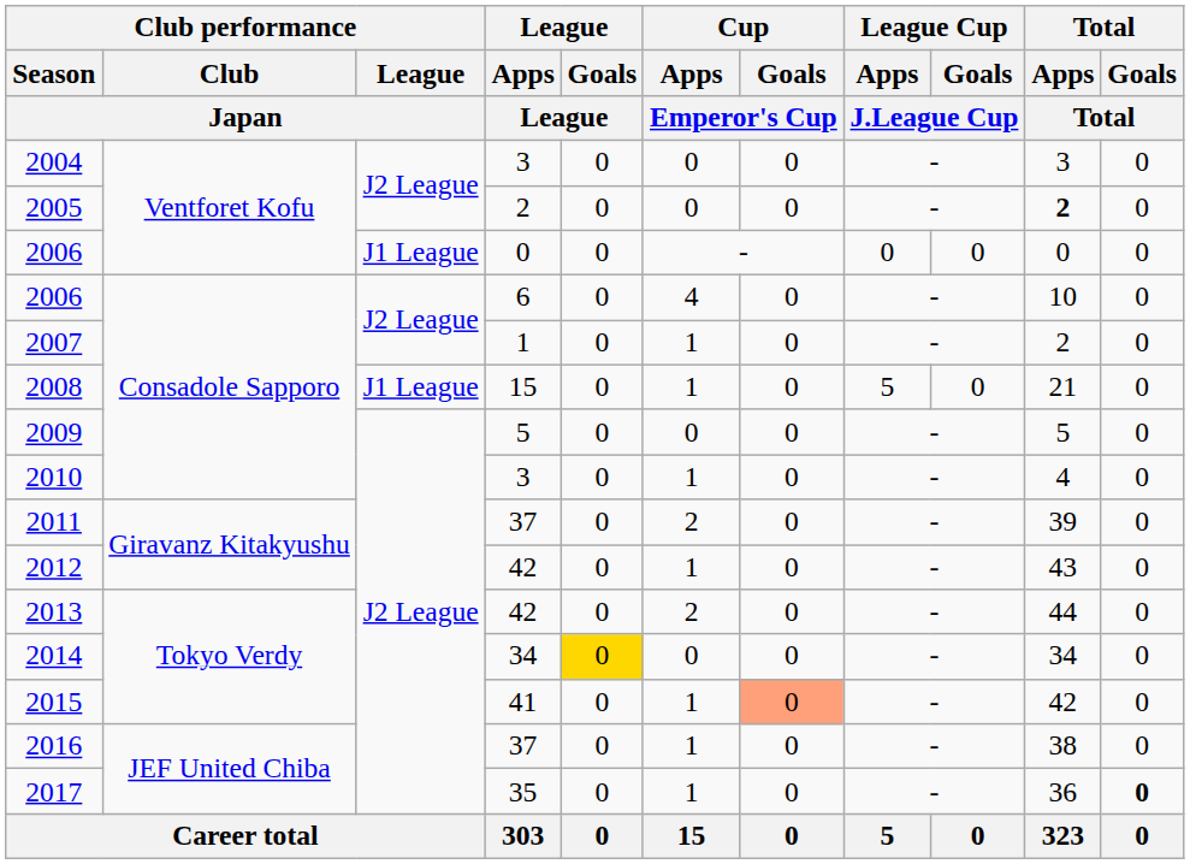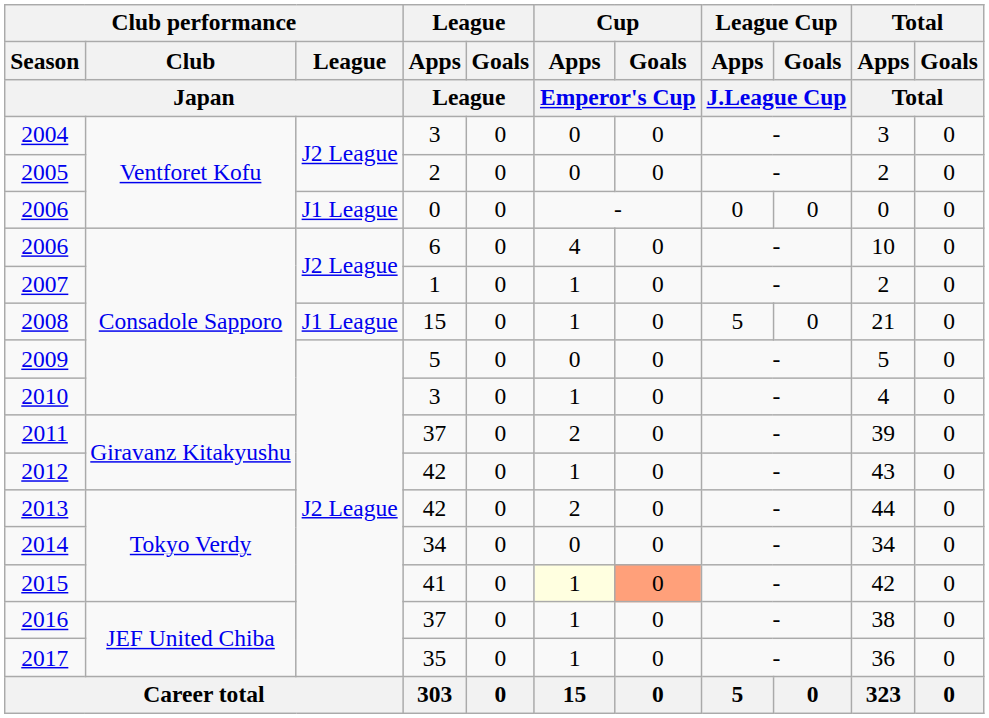 <table class="wikitable" style="text-align:center">
 <tr>
 <th colspan=3>Club performance</th>
 <th colspan=2>League</th>
 <th colspan=2>Cup</th>
 <th colspan=2>League Cup</th>
 <th colspan=2>Total</th>
 </tr>
 <tr>
 <th>Season</th>
 <th>Club</th>
 <th>League</th>
 <th>Apps</th>
 <th>Goals</th>
 <th>Apps</th>
 <th>Goals</th>
 <th>Apps</th>
 <th>Goals</th>
 <th>Apps</th>
 <th>Goals</th>
 </tr>
 <tr>
 <th colspan=3>Japan</th>
 <th colspan=2>League</th>
 <th colspan=2><a href='#'>Emperor's Cup</a></th>
 <th colspan=2><a href='#'>J.League Cup</a></th>
 <th colspan=2>Total</th>
 </tr>
 <tr>
 <td><a href='#'>2004</a></td>
 <td rowspan="3"><a href='#'>Ventforet Kofu</a></td>
 <td rowspan="2"><a href='#'>J2 League</a></td>
 <td>3</td>
 <td>0</td>
 <td>0</td>
 <td>0</td>
 <td colspan="2">-</td>
 <td>3</td>
 <td>0</td>
 </tr>
 <tr>
 <td><a href='#'>2005</a></td>
 <td>2</td>
 <td>0</td>
 <td>0</td>
 <td>0</td>
 <td colspan="2">-</td>
-<td><strong>2</strong></td>
+<td>2</td>
 <td>0</td>
 </tr>
 <tr>
 <td><a href='#'>2006</a></td>
 <td><a href='#'>J1 League</a></td>
 <td>0</td>
 <td>0</td>
 <td colspan="2">-</td>
 <td>0</td>
 <td>0</td>
 <td>0</td>
 <td>0</td>
 </tr>
 <tr>
 <td><a href='#'>2006</a></td>
 <td rowspan="5"><a href='#'>Consadole Sapporo</a></td>
 <td rowspan="2"><a href='#'>J2 League</a></td>
 <td>6</td>
 <td>0</td>
 <td>4</td>
 <td>0</td>
 <td colspan="2">-</td>
 <td>10</td>
 <td>0</td>
 </tr>
 <tr>
 <td><a href='#'>2007</a></td>
 <td>1</td>
 <td>0</td>
 <td>1</td>
 <td>0</td>
 <td colspan="2">-</td>
 <td>2</td>
 <td>0</td>
 </tr>
 <tr>
 <td><a href='#'>2008</a></td>
 <td><a href='#'>J1 League</a></td>
 <td>15</td>
 <td>0</td>
 <td>1</td>
 <td>0</td>
 <td>5</td>
 <td>0</td>
 <td>21</td>
 <td>0</td>
 </tr>
 <tr>
 <td><a href='#'>2009</a></td>
 <td rowspan="9"><a href='#'>J2 League</a></td>
 <td>5</td>
 <td>0</td>
 <td>0</td>
 <td>0</td>
 <td colspan="2">-</td>
 <td>5</td>
 <td>0</td>
 </tr>
 <tr>
 <td><a href='#'>2010</a></td>
 <td>3</td>
 <td>0</td>
 <td>1</td>
 <td>0</td>
 <td colspan="2">-</td>
 <td>4</td>
 <td>0</td>
 </tr>
 <tr>
 <td><a href='#'>2011</a></td>
 <td rowspan="2"><a href='#'>Giravanz Kitakyushu</a></td>
 <td>37</td>
 <td>0</td>
 <td>2</td>
 <td>0</td>
 <td colspan="2">-</td>
 <td>39</td>
 <td>0</td>
 </tr>
 <tr>
 <td><a href='#'>2012</a></td>
 <td>42</td>
 <td>0</td>
 <td>1</td>
 <td>0</td>
 <td colspan="2">-</td>
 <td>43</td>
 <td>0</td>
 </tr>
 <tr>
 <td><a href='#'>2013</a></td>
 <td rowspan="3"><a href='#'>Tokyo Verdy</a></td>
 <td>42</td>
 <td>0</td>
 <td>2</td>
 <td>0</td>
 <td colspan="2">-</td>
 <td>44</td>
 <td>0</td>
 </tr>
 <tr>
 <td><a href='#'>2014</a></td>
 <td>34</td>
-<td style="background: gold;">0</td>
+<td>0</td>
 <td>0</td>
 <td>0</td>
 <td colspan="2">-</td>
 <td>34</td>
 <td>0</td>
 </tr>
 <tr>
 <td><a href='#'>2015</a></td>
 <td>41</td>
 <td>0</td>
-<td>1</td>
+<td style="background: lightyellow;">1</td>
 <td style="background: lightsalmon;">0</td>
 <td colspan="2">-</td>
 <td>42</td>
 <td>0</td>
 </tr>
 <tr>
 <td><a href='#'>2016</a></td>
 <td rowspan="2"><a href='#'>JEF United Chiba</a></td>
 <td>37</td>
 <td>0</td>
 <td>1</td>
 <td>0</td>
 <td colspan="2">-</td>
 <td>38</td>
 <td>0</td>
 </tr>
 <tr>
 <td><a href='#'>2017</a></td>
 <td>35</td>
 <td>0</td>
 <td>1</td>
 <td>0</td>
 <td colspan="2">-</td>
 <td>36</td>
-<td><strong>0</strong></td>
+<td>0</td>
 </tr>
 <tr>
 <th colspan=3>Career total</th>
 <th>303</th>
 <th>0</th>
 <th>15</th>
 <th>0</th>
 <th>5</th>
 <th>0</th>
 <th>323</th>
 <th>0</th>
 </tr>
 </table>
